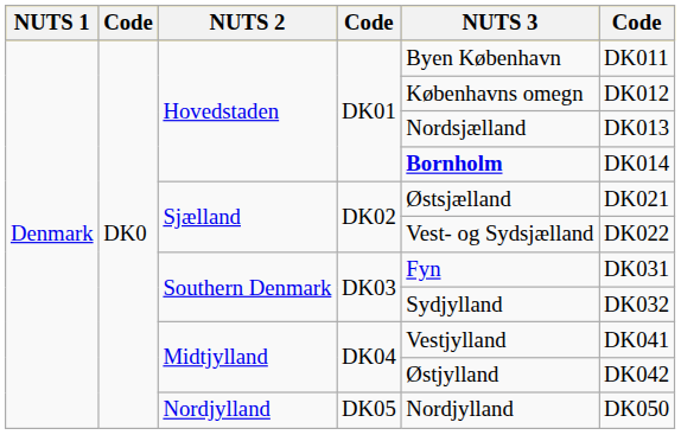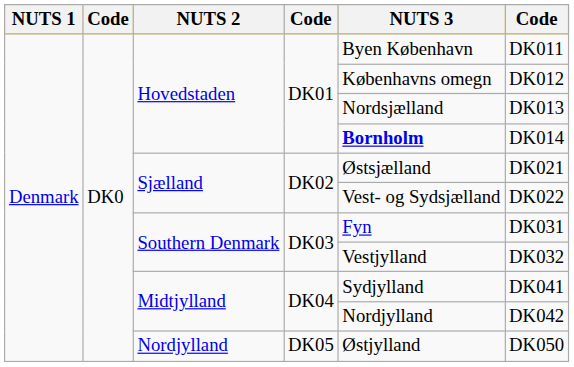 <table class="wikitable">
 <tr style="background-color:#ffd700;text-align:left">
 <th>NUTS 1</th>
 <th>Code</th>
 <th>NUTS 2</th>
 <th>Code</th>
 <th>NUTS 3</th>
 <th>Code</th>
 </tr>
 <tr>
 <td rowspan=11><a href='#'>Denmark</a></td>
 <td rowspan=11>DK0</td>
 <td rowspan=4><a href='#'>Hovedstaden</a></td>
 <td rowspan=4>DK01</td>
 <td>Byen København</td>
 <td>DK011</td>
 </tr>
 <tr>
 <td>Københavns omegn</td>
 <td>DK012</td>
 </tr>
 <tr>
 <td>Nordsjælland</td>
 <td>DK013</td>
 </tr>
 <tr>
 <td><strong><a href='#'>Bornholm</a></strong></td>
 <td>DK014</td>
 </tr>
 <tr>
 <td rowspan=2><a href='#'>Sjælland</a></td>
 <td rowspan=2>DK02</td>
 <td>Østsjælland</td>
 <td>DK021</td>
 </tr>
 <tr>
 <td>Vest- og Sydsjælland</td>
 <td>DK022</td>
 </tr>
 <tr>
 <td rowspan=2><a href='#'>Southern Denmark</a></td>
 <td rowspan=2>DK03</td>
 <td><a href='#'>Fyn</a></td>
 <td>DK031</td>
 </tr>
 <tr>
-<td>Sydjylland</td>
+<td>Vestjylland</td>
 <td>DK032</td>
 </tr>
 <tr>
 <td rowspan=2><a href='#'>Midtjylland</a></td>
 <td rowspan=2>DK04</td>
-<td>Vestjylland</td>
+<td>Sydjylland</td>
 <td>DK041</td>
 </tr>
 <tr>
-<td>Østjylland</td>
+<td>Nordjylland</td>
 <td>DK042</td>
 </tr>
 <tr>
 <td><a href='#'>Nordjylland</a></td>
 <td>DK05</td>
-<td>Nordjylland</td>
+<td>Østjylland</td>
 <td>DK050</td>
 </tr>
 </table>
